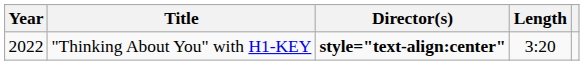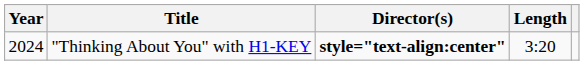 <table class="wikitable plainrowheaders">
 <tr>
 <th scope="col">Year</th>
 <th scope="col">Title</th>
 <th scope="col">Director(s)</th>
 <th>Length</th>
 <th scope="col"></th>
 </tr>
 <tr>
-<td>2022</td>
+<td>2024</td>
 <td scope="row">"Thinking About You" with <a href='#'>H1-KEY</a></td>
 <td><strong>style="text-align:center" </strong></td>
 <td style="text-align:center">3:20</td>
 <td></td>
 </tr>
 </table>
